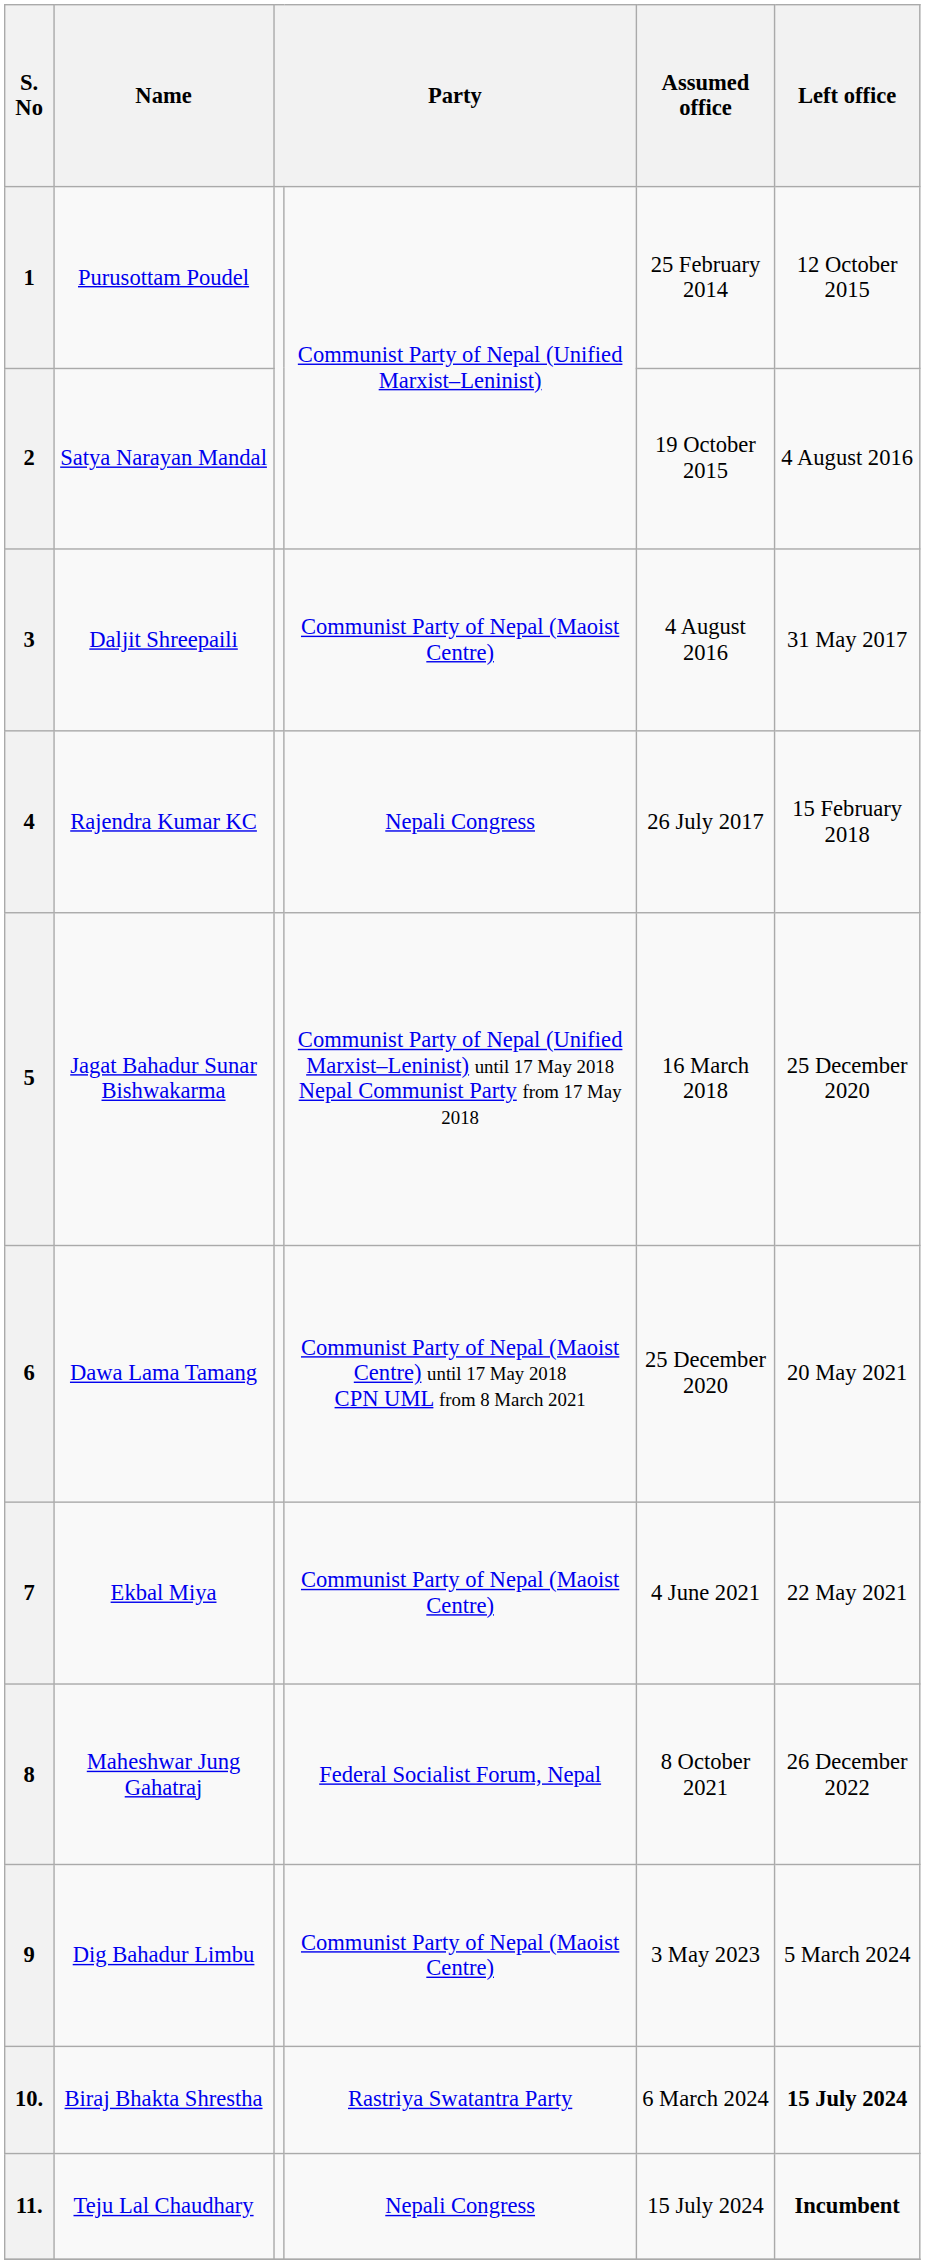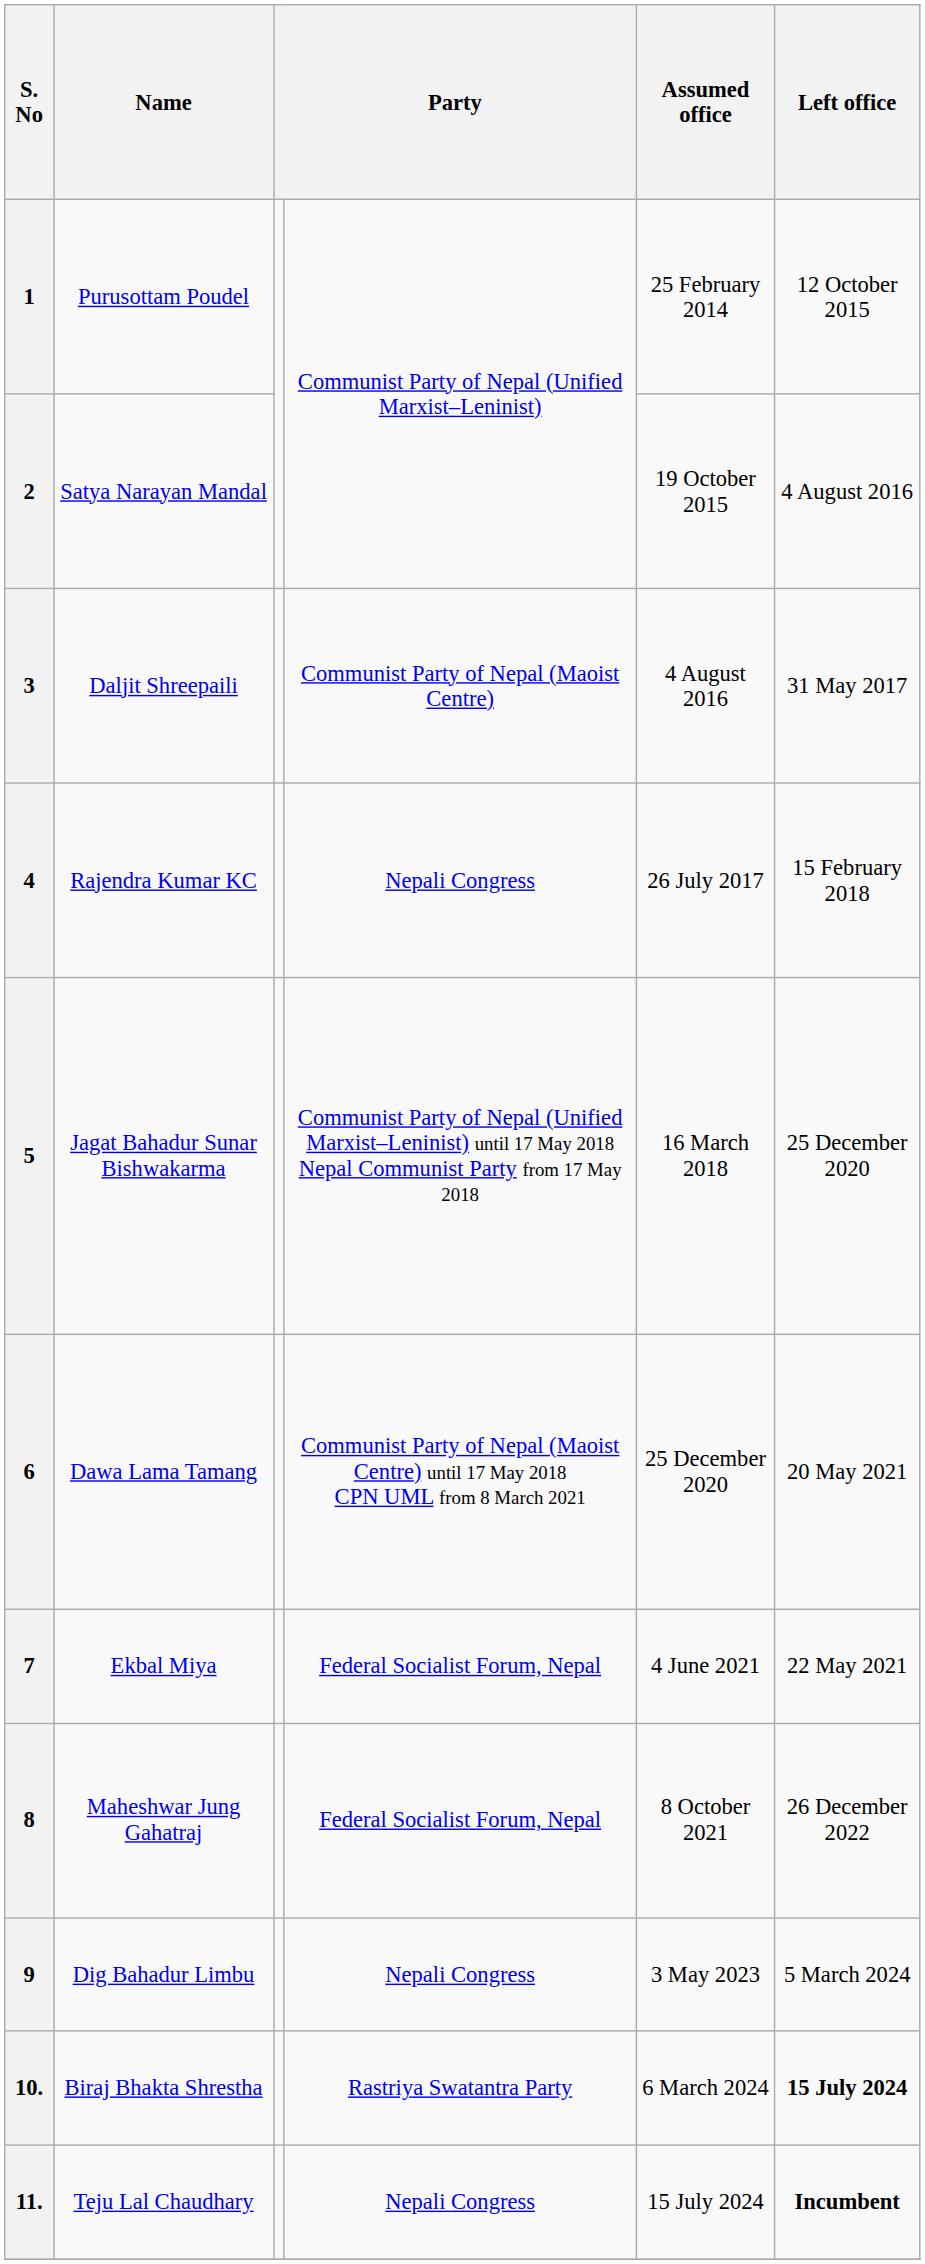 <table class="wikitable" style="text-align: center; width: 650px; height: 1600px;">
 <tr>
 <th>S. No</th>
 <th>Name</th>
 <th colspan=2>Party</th>
 <th>Assumed office</th>
 <th>Left office</th>
 </tr>
 <tr>
 <th>1</th>
 <td><a href='#'>Purusottam Poudel</a></td>
 <td rowspan=2 style="background:"></td>
 <td rowspan=2><a href='#'>Communist Party of Nepal (Unified Marxist–Leninist)</a></td>
 <td>25 February 2014</td>
 <td>12 October 2015</td>
 </tr>
 <tr>
 <th>2</th>
 <td><a href='#'>Satya Narayan Mandal</a></td>
 <td>19 October 2015</td>
 <td>4 August 2016</td>
 </tr>
 <tr>
 <th>3</th>
 <td><a href='#'>Daljit Shreepaili</a></td>
 <td style="background:"></td>
 <td><a href='#'>Communist Party of Nepal (Maoist Centre)</a></td>
 <td>4 August 2016</td>
 <td>31 May 2017</td>
 </tr>
 <tr>
 <th>4</th>
 <td><a href='#'>Rajendra Kumar KC</a></td>
 <td style="background:"></td>
 <td><a href='#'>Nepali Congress</a></td>
 <td>26 July 2017</td>
 <td>15 February 2018</td>
 </tr>
 <tr>
 <th>5</th>
 <td><a href='#'>Jagat Bahadur Sunar Bishwakarma</a></td>
 <td style="background:"></td>
 <td><a href='#'>Communist Party of Nepal (Unified Marxist–Leninist)</a> <small>until 17 May 2018</small> <br> <a href='#'>Nepal Communist Party</a> <small>from 17 May 2018</small></td>
 <td>16 March 2018</td>
 <td>25 December 2020</td>
 </tr>
 <tr>
 <th>6</th>
 <td><a href='#'>Dawa Lama Tamang</a></td>
 <td style="background:"></td>
 <td><a href='#'>Communist Party of Nepal (Maoist Centre)</a> <small>until 17 May 2018</small> <br> <a href='#'>CPN UML</a> <small>from 8 March 2021</small></td>
 <td>25 December 2020</td>
 <td>20 May 2021</td>
 </tr>
 <tr>
 <th>7</th>
 <td><a href='#'>Ekbal Miya</a></td>
 <td style="background:"></td>
-<td><a href='#'>Communist Party of Nepal (Maoist Centre)</a></td>
+<td><a href='#'>Federal Socialist Forum, Nepal</a></td>
 <td>4 June 2021</td>
 <td>22 May 2021</td>
 </tr>
 <tr>
 <th>8</th>
 <td><a href='#'>Maheshwar Jung Gahatraj</a></td>
 <td style="background:"></td>
 <td><a href='#'>Federal Socialist Forum, Nepal</a></td>
 <td>8 October 2021</td>
 <td>26 December 2022</td>
 </tr>
 <tr>
 <th>9</th>
 <td><a href='#'>Dig Bahadur Limbu</a></td>
 <td style="background:"></td>
-<td><a href='#'>Communist Party of Nepal (Maoist Centre)</a></td>
+<td><a href='#'>Nepali Congress</a></td>
 <td>3 May 2023</td>
 <td>5 March 2024</td>
 </tr>
 <tr>
 <th>10.</th>
 <td><a href='#'>Biraj Bhakta Shrestha</a></td>
 <td style="background:"></td>
 <td><a href='#'>Rastriya Swatantra Party</a></td>
 <td>6 March 2024</td>
 <td><strong>15 July 2024</strong></td>
 </tr>
 <tr>
 <th>11.</th>
 <td><a href='#'>Teju Lal Chaudhary</a></td>
 <td style="background:"></td>
 <td><a href='#'>Nepali Congress</a></td>
 <td>15 July 2024</td>
 <td><strong>Incumbent</strong></td>
 </tr>
 <tr>
 </tr>
 </table>
